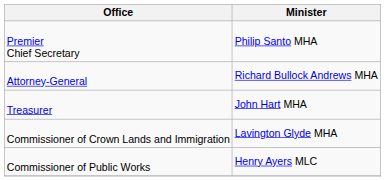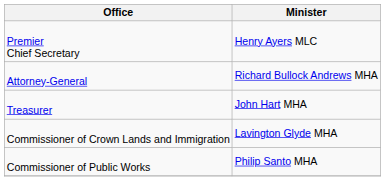 <table class="wikitable">
 <tr>
 <th>Office</th>
 <th>Minister</th>
 </tr>
 <tr>
 <td><br><a href='#'>Premier</a><br> Chief Secretary</td>
-<td><a href='#'>Philip Santo</a> MHA</td>
+<td><a href='#'>Henry Ayers</a> MLC</td>
 </tr>
 <tr>
 <td><br><a href='#'>Attorney-General</a></td>
 <td><a href='#'>Richard Bullock Andrews</a> MHA</td>
 </tr>
 <tr>
 <td><br><a href='#'>Treasurer</a></td>
 <td><a href='#'>John Hart</a> MHA</td>
 </tr>
 <tr>
 <td><br>Commissioner of Crown Lands and Immigration<br></td>
 <td><a href='#'>Lavington Glyde</a> MHA</td>
 </tr>
 <tr>
 <td><br>Commissioner of Public Works<br></td>
-<td><a href='#'>Henry Ayers</a> MLC</td>
+<td><a href='#'>Philip Santo</a> MHA</td>
 </tr>
 <tr>
 </tr>
 </table>
